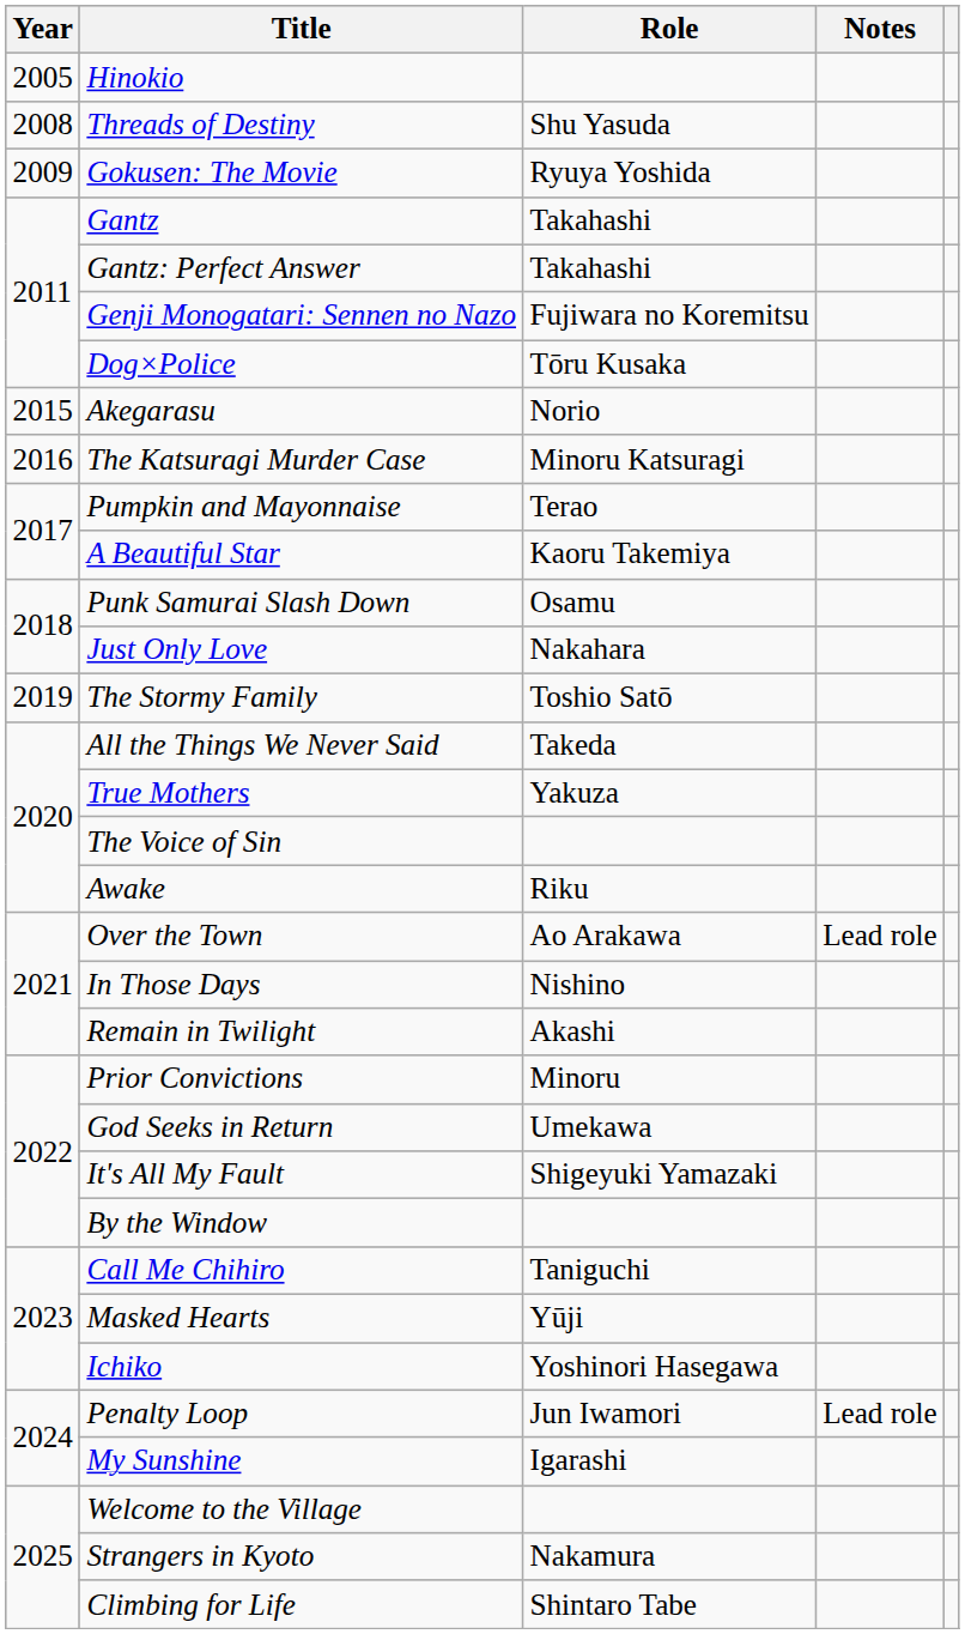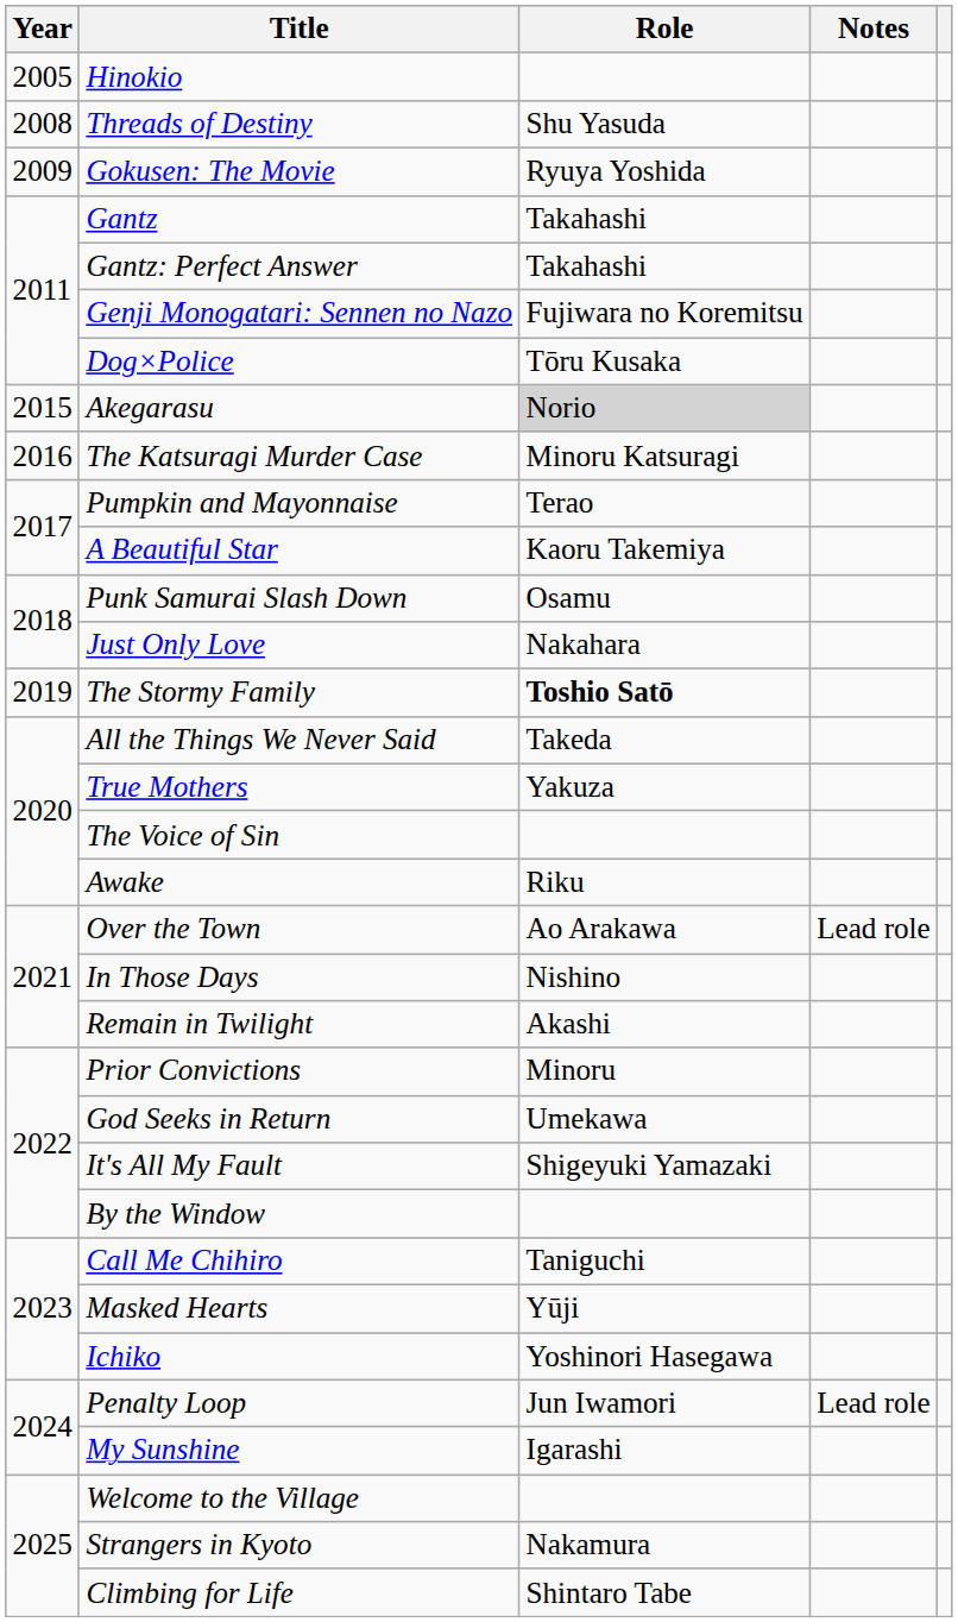 <table class="wikitable sortable">
 <tr>
 <th>Year</th>
 <th>Title</th>
 <th>Role</th>
 <th>Notes</th>
 <th class="unsortable"></th>
 </tr>
 <tr>
 <td>2005</td>
 <td><em><a href='#'>Hinokio</a></em></td>
 <td></td>
 <td></td>
 <td></td>
 </tr>
 <tr>
 <td>2008</td>
 <td><em><a href='#'>Threads of Destiny</a></em></td>
 <td>Shu Yasuda</td>
 <td></td>
 <td></td>
 </tr>
 <tr>
 <td>2009</td>
 <td><em><a href='#'>Gokusen: The Movie</a></em></td>
 <td>Ryuya Yoshida</td>
 <td></td>
 <td></td>
 </tr>
 <tr>
 <td rowspan=4>2011</td>
 <td><em><a href='#'>Gantz</a></em></td>
 <td>Takahashi</td>
 <td></td>
 <td></td>
 </tr>
 <tr>
 <td><em>Gantz: Perfect Answer</em></td>
 <td>Takahashi</td>
 <td></td>
 <td></td>
 </tr>
 <tr>
 <td><em><a href='#'>Genji Monogatari: Sennen no Nazo</a></em></td>
 <td>Fujiwara no Koremitsu</td>
 <td></td>
 <td></td>
 </tr>
 <tr>
 <td><em><a href='#'>Dog×Police</a></em></td>
 <td>Tōru Kusaka</td>
 <td></td>
 <td></td>
 </tr>
 <tr>
 <td>2015</td>
 <td><em>Akegarasu</em></td>
-<td>Norio</td>
+<td style="background: lightgrey;">Norio</td>
 <td></td>
 <td></td>
 </tr>
 <tr>
 <td>2016</td>
 <td><em>The Katsuragi Murder Case</em></td>
 <td>Minoru Katsuragi</td>
 <td></td>
 <td></td>
 </tr>
 <tr>
 <td rowspan=2>2017</td>
 <td><em>Pumpkin and Mayonnaise</em></td>
 <td>Terao</td>
 <td></td>
 <td></td>
 </tr>
 <tr>
 <td><em><a href='#'>A Beautiful Star</a></em></td>
 <td>Kaoru Takemiya</td>
 <td></td>
 <td></td>
 </tr>
 <tr>
 <td rowspan=2>2018</td>
 <td><em>Punk Samurai Slash Down</em></td>
 <td>Osamu</td>
 <td></td>
 <td></td>
 </tr>
 <tr>
 <td><em><a href='#'>Just Only Love</a></em></td>
 <td>Nakahara</td>
 <td></td>
 <td></td>
 </tr>
 <tr>
 <td>2019</td>
 <td><em>The Stormy Family</em></td>
-<td>Toshio Satō</td>
+<td><strong>Toshio Satō</strong></td>
 <td></td>
 <td></td>
 </tr>
 <tr>
 <td rowspan=4>2020</td>
 <td><em>All the Things We Never Said</em></td>
 <td>Takeda</td>
 <td></td>
 <td></td>
 </tr>
 <tr>
 <td><em><a href='#'>True Mothers</a></em></td>
 <td>Yakuza</td>
 <td></td>
 <td></td>
 </tr>
 <tr>
 <td><em>The Voice of Sin</em></td>
 <td></td>
 <td></td>
 <td></td>
 </tr>
 <tr>
 <td><em>Awake</em></td>
 <td>Riku</td>
 <td></td>
 <td></td>
 </tr>
 <tr>
 <td rowspan=3>2021</td>
 <td><em>Over the Town</em></td>
 <td>Ao Arakawa</td>
 <td>Lead role</td>
 <td></td>
 </tr>
 <tr>
 <td><em>In Those Days</em></td>
 <td>Nishino</td>
 <td></td>
 <td></td>
 </tr>
 <tr>
 <td><em>Remain in Twilight</em></td>
 <td>Akashi</td>
 <td></td>
 <td></td>
 </tr>
 <tr>
 <td rowspan=4>2022</td>
 <td><em>Prior Convictions</em></td>
 <td>Minoru</td>
 <td></td>
 <td></td>
 </tr>
 <tr>
 <td><em>God Seeks in Return</em></td>
 <td>Umekawa</td>
 <td></td>
 <td></td>
 </tr>
 <tr>
 <td><em>It's All My Fault</em></td>
 <td>Shigeyuki Yamazaki</td>
 <td></td>
 <td></td>
 </tr>
 <tr>
 <td><em>By the Window</em></td>
 <td></td>
 <td></td>
 <td></td>
 </tr>
 <tr>
 <td rowspan=3>2023</td>
 <td><em><a href='#'>Call Me Chihiro</a></em></td>
 <td>Taniguchi</td>
 <td></td>
 <td></td>
 </tr>
 <tr>
 <td><em>Masked Hearts</em></td>
 <td>Yūji</td>
 <td></td>
 <td></td>
 </tr>
 <tr>
 <td><em><a href='#'>Ichiko</a></em></td>
 <td>Yoshinori Hasegawa</td>
 <td></td>
 <td></td>
 </tr>
 <tr>
 <td rowspan=2>2024</td>
 <td><em>Penalty Loop</em></td>
 <td>Jun Iwamori</td>
 <td>Lead role</td>
 <td></td>
 </tr>
 <tr>
 <td><em><a href='#'>My Sunshine</a></em></td>
 <td>Igarashi</td>
 <td></td>
 <td></td>
 </tr>
 <tr>
 <td rowspan=3>2025</td>
 <td><em>Welcome to the Village</em></td>
 <td></td>
 <td></td>
 <td></td>
 </tr>
 <tr>
 <td><em>Strangers in Kyoto</em></td>
 <td>Nakamura</td>
 <td></td>
 <td></td>
 </tr>
 <tr>
 <td><em>Climbing for Life</em></td>
 <td>Shintaro Tabe</td>
 <td></td>
 <td></td>
 </tr>
 <tr>
 </tr>
 </table>
